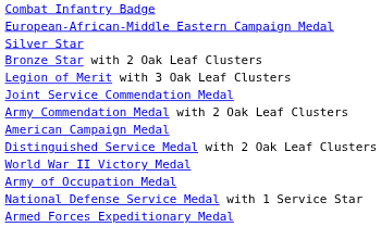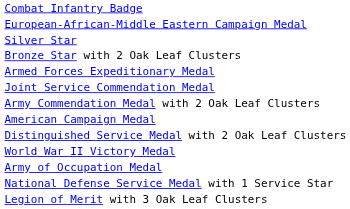 <table>
 <tr>
 <td> <a href='#'>Combat Infantry Badge</a></td>
 </tr>
 <tr>
 <td> <a href='#'>European-African-Middle Eastern Campaign Medal</a></td>
 </tr>
 <tr>
 <td> <a href='#'>Silver Star</a></td>
 </tr>
 <tr>
 <td> <a href='#'>Bronze Star</a> with 2 Oak Leaf Clusters</td>
 </tr>
 <tr>
-<td> <a href='#'>Legion of Merit</a> with 3 Oak Leaf Clusters</td>
+<td> <a href='#'>Armed Forces Expeditionary Medal</a></td>
 </tr>
 <tr>
 <td> <a href='#'>Joint Service Commendation Medal</a></td>
 </tr>
 <tr>
 <td> <a href='#'>Army Commendation Medal</a> with 2 Oak Leaf Clusters</td>
 </tr>
 <tr>
 <td> <a href='#'>American Campaign Medal</a></td>
 </tr>
 <tr>
 <td> <a href='#'>Distinguished Service Medal</a> with 2 Oak Leaf Clusters</td>
 </tr>
 <tr>
 <td><a href='#'>World War II Victory Medal</a></td>
 </tr>
 <tr>
 <td> <a href='#'>Army of Occupation Medal</a></td>
 </tr>
 <tr>
 <td> <a href='#'>National Defense Service Medal</a> with 1 Service Star</td>
 </tr>
 <tr>
-<td> <a href='#'>Armed Forces Expeditionary Medal</a></td>
+<td> <a href='#'>Legion of Merit</a> with 3 Oak Leaf Clusters</td>
 </tr>
 </table>
